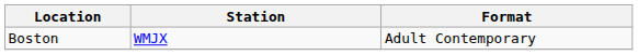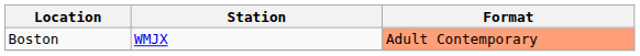 <table class="wikitable" style="width:45em;">
 <tr>
 <th style="width:20%">Location</th>
 <th style="width:40%">Station</th>
 <th style="width:40%">Format</th>
 </tr>
 <tr>
 <td>Boston</td>
 <td><a href='#'>WMJX</a></td>
-<td>Adult Contemporary</td>
+<td style="background: lightsalmon;">Adult Contemporary</td>
 </tr>
 <tr>
 </tr>
 </table>
